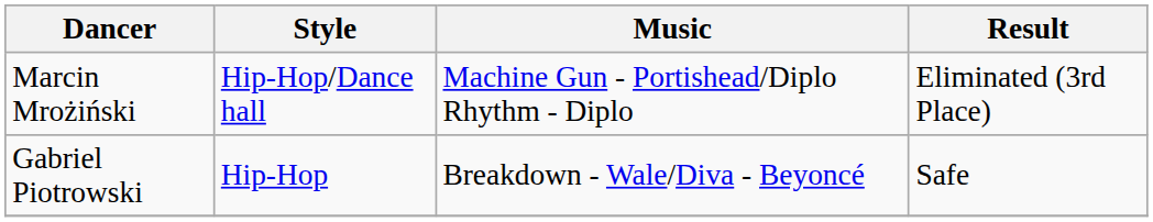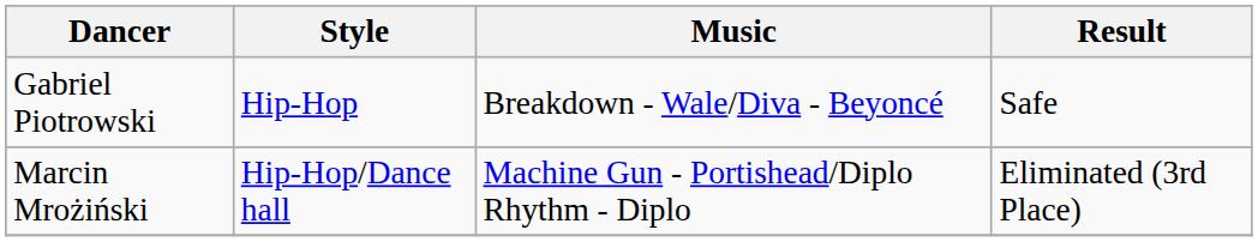 <table class="wikitable">
 <tr>
 <th>Dancer</th>
 <th>Style</th>
 <th>Music</th>
 <th>Result</th>
 </tr>
 <tr>
+<td>Gabriel Piotrowski</td>
+<td><a href='#'>Hip-Hop</a></td>
+<td>Breakdown - <a href='#'>Wale</a>/<a href='#'>Diva</a> - <a href='#'>Beyoncé</a></td>
+<td>Safe</td>
+</tr>
+<tr>
 <td>Marcin Mrożiński</td>
 <td><a href='#'>Hip-Hop</a>/<a href='#'>Dance hall</a></td>
 <td><a href='#'>Machine Gun</a> - <a href='#'>Portishead</a>/Diplo Rhythm - Diplo</td>
 <td>Eliminated (3rd Place)</td>
 </tr>
 <tr>
-<td>Gabriel Piotrowski</td>
-<td><a href='#'>Hip-Hop</a></td>
-<td>Breakdown - <a href='#'>Wale</a>/<a href='#'>Diva</a> - <a href='#'>Beyoncé</a></td>
-<td>Safe</td>
-</tr>
-<tr>
 </tr>
 </table>
